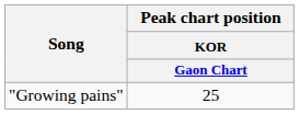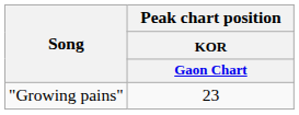 <table class="wikitable sortable" style="text-align:center;">
 <tr>
 <th rowspan="3">Song</th>
 <th colspan="9">Peak chart position</th>
 </tr>
 <tr>
 <th colspan="1" width="150"><small>KOR</small></th>
 </tr>
 <tr style="font-size:smaller;">
 <th><a href='#'>Gaon Chart</a></th>
 </tr>
 <tr>
 <td align="left">"Growing pains"</td>
-<td>25</td>
+<td>23</td>
 </tr>
 </table>
